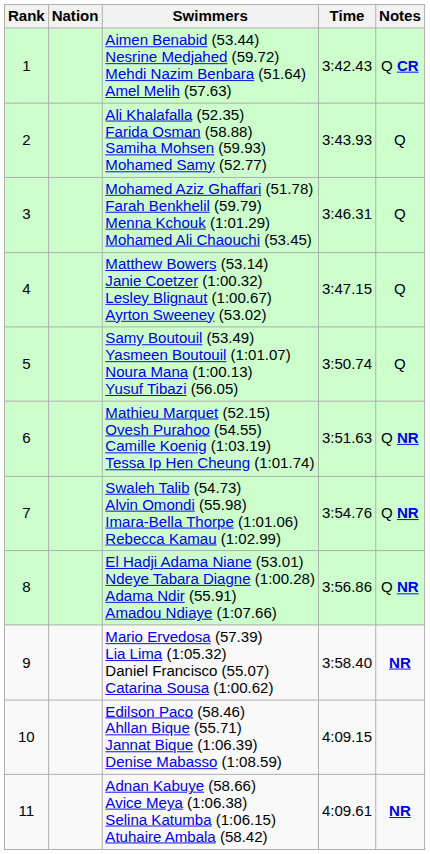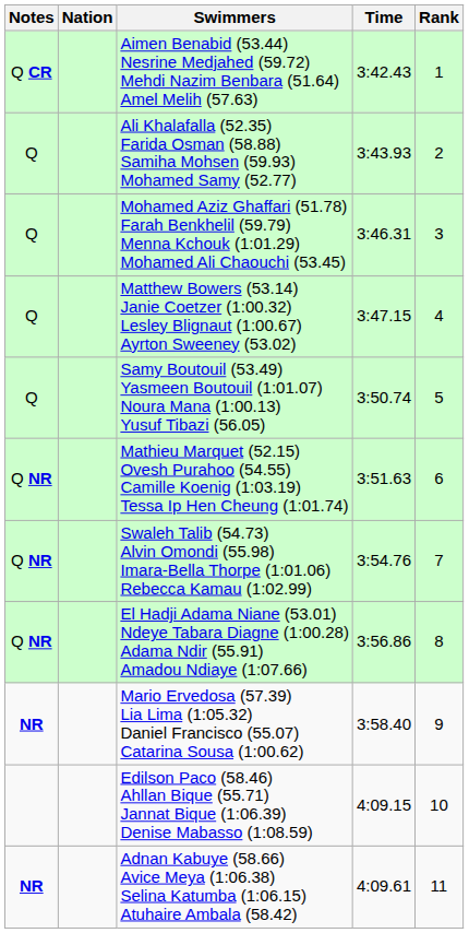 <table class="wikitable sortable" style="text-align:center">
 <tr>
-<th>Rank</th>
+<th>Notes</th>
 <th>Nation</th>
 <th>Swimmers</th>
 <th>Time</th>
-<th>Notes</th>
+<th>Rank</th>
 </tr>
 <tr bgcolor=ccffcc>
-<td>1</td>
+<td>Q <strong><a href='#'>CR</a></strong></td>
 <td align=left></td>
 <td align=left><a href='#'>Aimen Benabid</a> (53.44)<br><a href='#'>Nesrine Medjahed</a> (59.72)<br><a href='#'>Mehdi Nazim Benbara</a> (51.64)<br><a href='#'>Amel Melih</a> (57.63)</td>
 <td>3:42.43</td>
-<td>Q <strong><a href='#'>CR</a></strong></td>
+<td>1</td>
 </tr>
 <tr bgcolor=ccffcc>
-<td>2</td>
+<td>Q</td>
 <td align=left></td>
 <td align=left><a href='#'>Ali Khalafalla</a> (52.35)<br><a href='#'>Farida Osman</a> (58.88)<br><a href='#'>Samiha Mohsen</a> (59.93)<br><a href='#'>Mohamed Samy</a> (52.77)</td>
 <td>3:43.93</td>
-<td>Q</td>
+<td>2</td>
 </tr>
 <tr bgcolor=ccffcc>
-<td>3</td>
+<td>Q</td>
 <td align=left></td>
 <td align=left><a href='#'>Mohamed Aziz Ghaffari</a> (51.78)<br><a href='#'>Farah Benkhelil</a> (59.79)<br><a href='#'>Menna Kchouk</a> (1:01.29)<br><a href='#'>Mohamed Ali Chaouchi</a> (53.45)</td>
 <td>3:46.31</td>
-<td>Q</td>
+<td>3</td>
 </tr>
 <tr bgcolor=ccffcc>
-<td>4</td>
+<td>Q</td>
 <td align=left></td>
 <td align=left><a href='#'>Matthew Bowers</a> (53.14)<br><a href='#'>Janie Coetzer</a> (1:00.32)<br><a href='#'>Lesley Blignaut</a> (1:00.67)<br><a href='#'>Ayrton Sweeney</a> (53.02)</td>
 <td>3:47.15</td>
-<td>Q</td>
+<td>4</td>
 </tr>
 <tr bgcolor=ccffcc>
-<td>5</td>
+<td>Q</td>
 <td align=left></td>
 <td align=left><a href='#'>Samy Boutouil</a> (53.49)<br><a href='#'>Yasmeen Boutouil</a> (1:01.07)<br><a href='#'>Noura Mana</a> (1:00.13)<br><a href='#'>Yusuf Tibazi</a> (56.05)</td>
 <td>3:50.74</td>
-<td>Q</td>
+<td>5</td>
 </tr>
 <tr bgcolor=ccffcc>
-<td>6</td>
+<td>Q <strong><a href='#'>NR</a></strong></td>
 <td align=left></td>
 <td align=left><a href='#'>Mathieu Marquet</a> (52.15)<br><a href='#'>Ovesh Purahoo</a> (54.55)<br><a href='#'>Camille Koenig</a> (1:03.19)<br><a href='#'>Tessa Ip Hen Cheung</a> (1:01.74)</td>
 <td>3:51.63</td>
-<td>Q <strong><a href='#'>NR</a></strong></td>
+<td>6</td>
 </tr>
 <tr bgcolor=ccffcc>
-<td>7</td>
+<td>Q <strong><a href='#'>NR</a></strong></td>
 <td align=left></td>
 <td align=left><a href='#'>Swaleh Talib</a> (54.73)<br><a href='#'>Alvin Omondi</a> (55.98)<br><a href='#'>Imara-Bella Thorpe</a> (1:01.06)<br><a href='#'>Rebecca Kamau</a> (1:02.99)</td>
 <td>3:54.76</td>
-<td>Q <strong><a href='#'>NR</a></strong></td>
+<td>7</td>
 </tr>
 <tr bgcolor=ccffcc>
-<td>8</td>
+<td>Q <strong><a href='#'>NR</a></strong></td>
 <td align=left></td>
 <td align=left><a href='#'>El Hadji Adama Niane</a> (53.01)<br><a href='#'>Ndeye Tabara Diagne</a> (1:00.28)<br><a href='#'>Adama Ndir</a> (55.91)<br><a href='#'>Amadou Ndiaye</a> (1:07.66)</td>
 <td>3:56.86</td>
-<td>Q <strong><a href='#'>NR</a></strong></td>
+<td>8</td>
 </tr>
 <tr>
-<td>9</td>
+<td><strong><a href='#'>NR</a></strong></td>
 <td align=left></td>
 <td align=left><a href='#'>Mario Ervedosa</a> (57.39)<br><a href='#'>Lia Lima</a> (1:05.32)<br>Daniel Francisco (55.07)<br><a href='#'>Catarina Sousa</a> (1:00.62)</td>
 <td>3:58.40</td>
-<td><strong><a href='#'>NR</a></strong></td>
+<td>9</td>
 </tr>
 <tr>
-<td>10</td>
+<td></td>
 <td align=left></td>
 <td align=left><a href='#'>Edilson Paco</a> (58.46)<br><a href='#'>Ahllan Bique</a> (55.71)<br><a href='#'>Jannat Bique</a> (1:06.39)<br><a href='#'>Denise Mabasso</a> (1:08.59)</td>
 <td>4:09.15</td>
-<td></td>
+<td>10</td>
 </tr>
 <tr>
-<td>11</td>
+<td><strong><a href='#'>NR</a></strong></td>
 <td align=left></td>
 <td align=left><a href='#'>Adnan Kabuye</a> (58.66)<br><a href='#'>Avice Meya</a> (1:06.38)<br><a href='#'>Selina Katumba</a> (1:06.15)<br><a href='#'>Atuhaire Ambala</a> (58.42)</td>
 <td>4:09.61</td>
-<td><strong><a href='#'>NR</a></strong></td>
+<td>11</td>
 </tr>
 </table>
